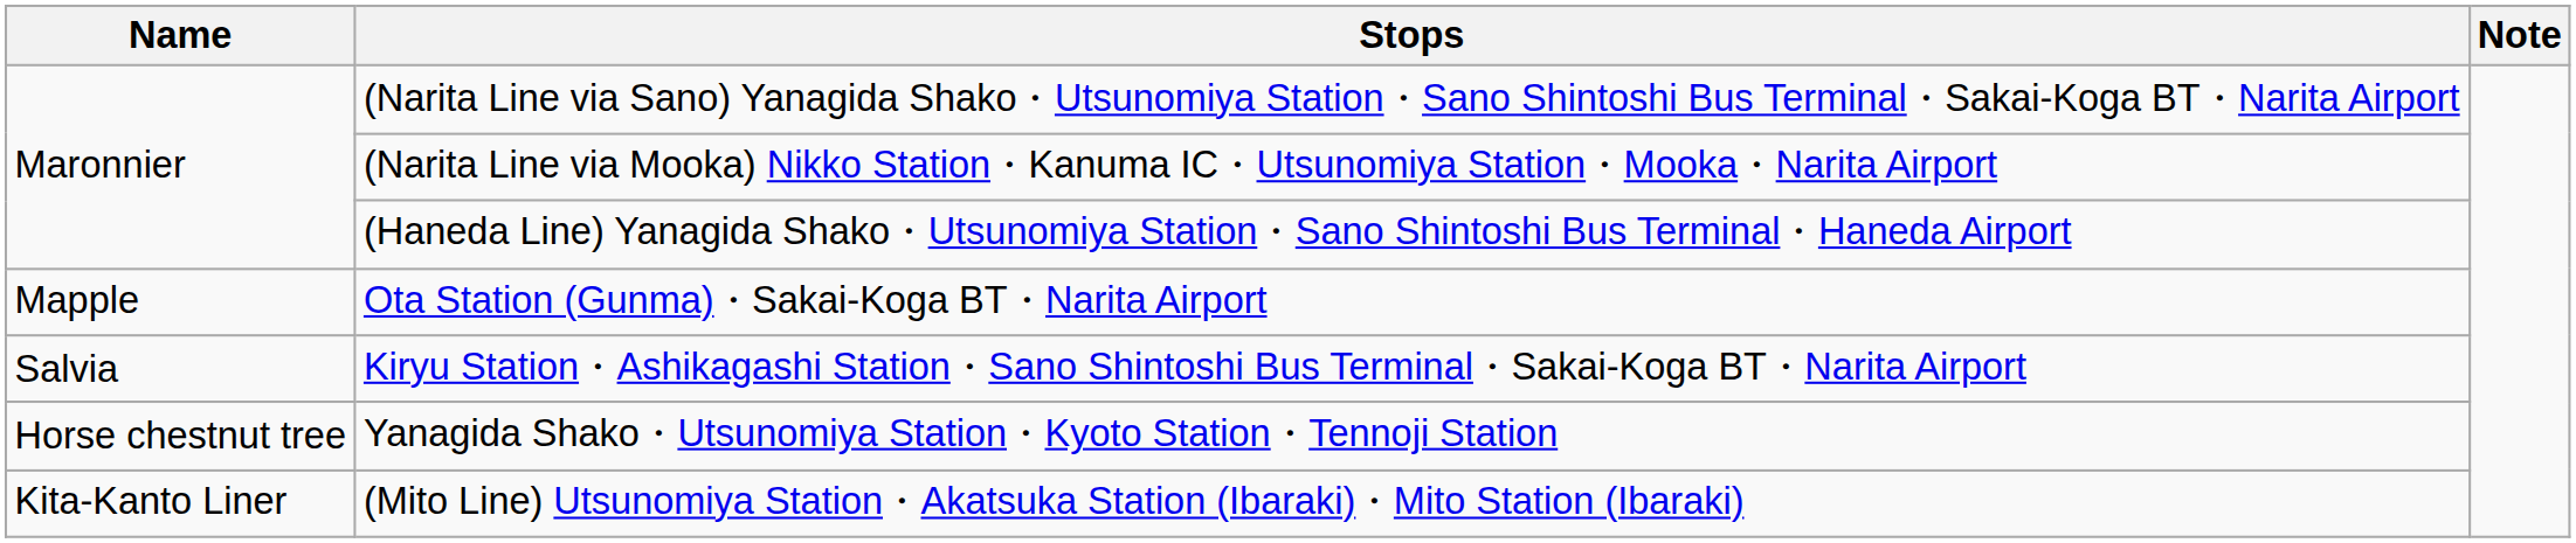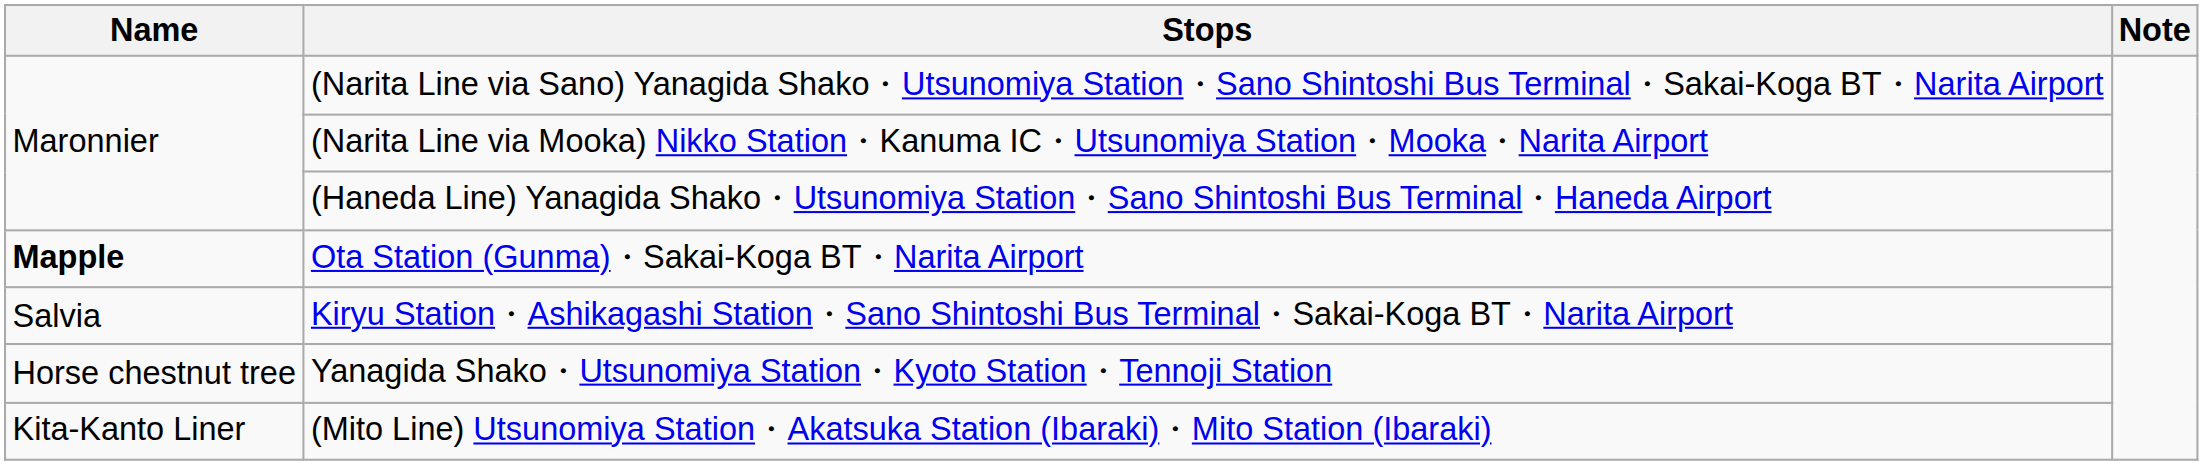 <table class="wikitable">
 <tr>
 <th>Name</th>
 <th>Stops</th>
 <th>Note</th>
 </tr>
 <tr>
 <td rowspan="3">Maronnier</td>
 <td>(Narita Line via Sano) Yanagida Shako・<a href='#'>Utsunomiya Station</a>・<a href='#'>Sano Shintoshi Bus Terminal</a>・Sakai-Koga BT・<a href='#'>Narita Airport</a></td>
 </tr>
 <tr>
 <td>(Narita Line via Mooka) <a href='#'>Nikko Station</a>・Kanuma IC・<a href='#'>Utsunomiya Station</a>・<a href='#'>Mooka</a>・<a href='#'>Narita Airport</a></td>
 </tr>
 <tr>
 <td>(Haneda Line) Yanagida Shako・<a href='#'>Utsunomiya Station</a>・<a href='#'>Sano Shintoshi Bus Terminal</a>・<a href='#'>Haneda Airport</a></td>
 </tr>
 <tr>
-<td>Mapple</td>
+<td><strong>Mapple</strong></td>
 <td><a href='#'>Ota Station (Gunma)</a>・Sakai-Koga BT・<a href='#'>Narita Airport</a></td>
 </tr>
 <tr>
 <td>Salvia</td>
 <td><a href='#'>Kiryu Station</a>・<a href='#'>Ashikagashi Station</a>・<a href='#'>Sano Shintoshi Bus Terminal</a>・Sakai-Koga BT・<a href='#'>Narita Airport</a></td>
 </tr>
 <tr>
 <td>Horse chestnut tree</td>
 <td>Yanagida Shako・<a href='#'>Utsunomiya Station</a>・<a href='#'>Kyoto Station</a>・<a href='#'>Tennoji Station</a></td>
 </tr>
 <tr>
 <td>Kita-Kanto Liner</td>
 <td>(Mito Line) <a href='#'>Utsunomiya Station</a>・<a href='#'>Akatsuka Station (Ibaraki)</a>・<a href='#'>Mito Station (Ibaraki)</a></td>
 </tr>
 </table>
